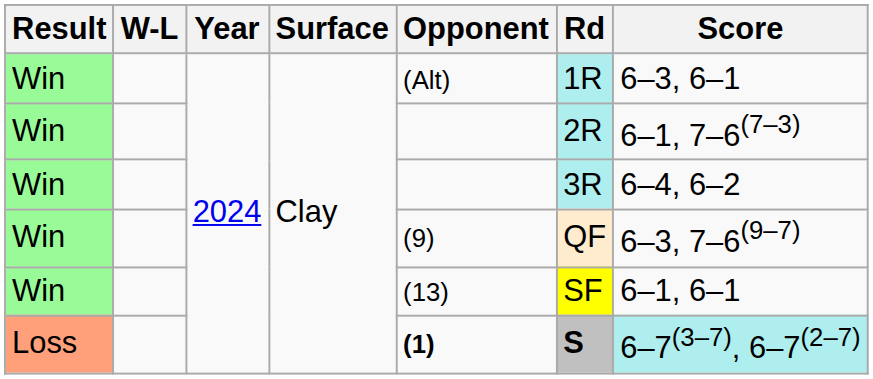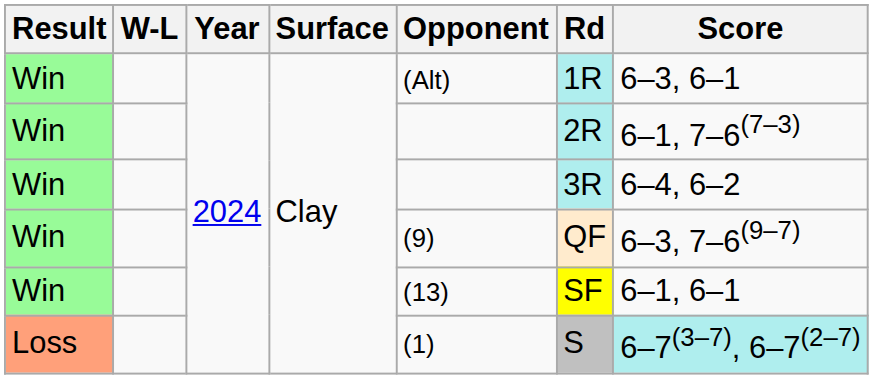 <table class="wikitable sortable nowrap">
 <tr>
 <th scope="col">Result</th>
 <th scope="col" class="unsortable">W-L</th>
 <th scope="col">Year</th>
 <th scope="col">Surface</th>
 <th scope="col">Opponent</th>
 <th scope="col">Rd</th>
 <th scope="col" class="unsortable">Score</th>
 </tr>
 <tr>
 <td bgcolor=98FB98>Win</td>
 <td></td>
 <td rowspan=6><a href='#'>2024</a></td>
 <td rowspan=6>Clay</td>
 <td> <small>(Alt)</small></td>
 <td style="background:#afeeee;">1R</td>
 <td>6–3, 6–1</td>
 </tr>
 <tr>
 <td bgcolor=98FB98>Win</td>
 <td></td>
 <td></td>
 <td style="background:#afeeee;">2R</td>
 <td>6–1, 7–6<sup>(7–3)</sup></td>
 </tr>
 <tr>
 <td bgcolor=98FB98>Win</td>
 <td></td>
 <td></td>
 <td style="background:#afeeee;">3R</td>
 <td>6–4, 6–2</td>
 </tr>
 <tr>
 <td bgcolor=98FB98>Win</td>
 <td></td>
 <td> <small>(9)</small></td>
 <td style="background:#ffebcd;" data-sort-value="6R">QF</td>
 <td>6–3, 7–6<sup>(9–7)</sup></td>
 </tr>
 <tr>
 <td bgcolor=98FB98>Win</td>
 <td></td>
 <td> <small>(13)</small></td>
 <td style="background:yellow;" data-sort-value="7R">SF</td>
 <td>6–1, 6–1</td>
 </tr>
 <tr>
 <td bgcolor=FFA07A>Loss</td>
 <td></td>
-<td><strong> <small>(1)</small></strong></td>
-<td style="background:silver;" data-sort-value="9R"><strong>S</strong></td>
+<td> <small>(1)</small></td>
+<td style="background:silver;" data-sort-value="9R">S</td>
 <td style="background: paleturquoise;">6–7<sup>(3–7)</sup>, 6–7<sup>(2–7)</sup></td>
 </tr>
 </table>
